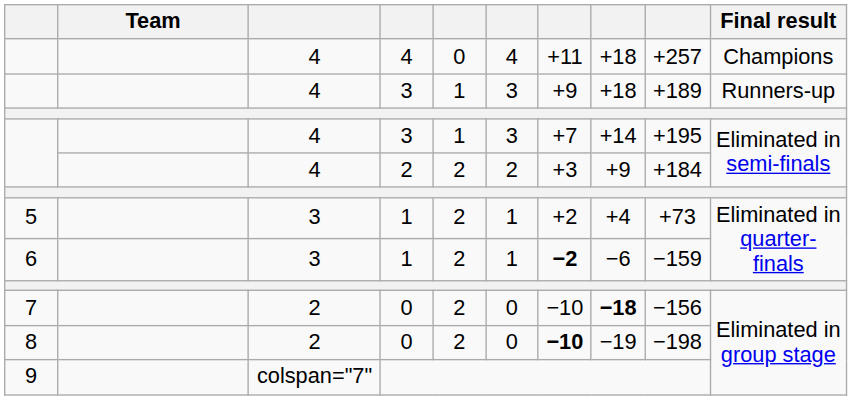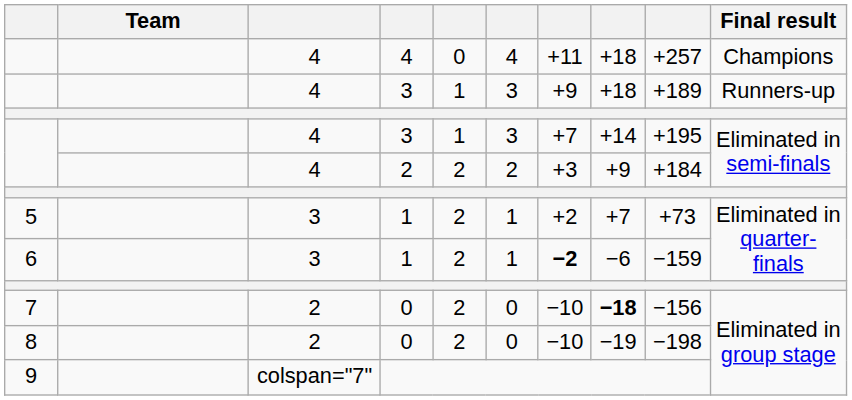 <table class=wikitable style="text-align:center;" width=620>
 <tr Indonesia>
 <th width=5.5%></th>
 <th width=20%>Team</th>
 <th width=5.5%></th>
 <th width=5.5%></th>
 <th width=5.5%></th>
 <th width=5.5%></th>
 <th width=5.5%></th>
 <th width=5.5%></th>
 <th width=5.5%></th>
 <th width=14%>Final result</th>
 </tr>
 <tr>
 <td></td>
 <td align="left"></td>
 <td>4</td>
 <td>4</td>
 <td>0</td>
 <td>4</td>
 <td>+11</td>
 <td>+18</td>
 <td>+257</td>
 <td>Champions</td>
 </tr>
 <tr>
 <td></td>
 <td align="left"></td>
 <td>4</td>
 <td>3</td>
 <td>1</td>
 <td>3</td>
 <td>+9</td>
 <td>+18</td>
 <td>+189</td>
 <td>Runners-up</td>
 </tr>
 <tr>
 <th colspan="10"></th>
 </tr>
 <tr>
 <td rowspan="2"></td>
 <td align="left"></td>
 <td>4</td>
 <td>3</td>
 <td>1</td>
 <td>3</td>
 <td>+7</td>
 <td>+14</td>
 <td>+195</td>
 <td rowspan="2">Eliminated in <a href='#'>semi-finals</a></td>
 </tr>
 <tr>
 <td align="left"></td>
 <td>4</td>
 <td>2</td>
 <td>2</td>
 <td>2</td>
 <td>+3</td>
 <td>+9</td>
 <td>+184</td>
 </tr>
 <tr>
 <th colspan="10"></th>
 </tr>
 <tr>
 <td>5</td>
 <td align="left"></td>
 <td>3</td>
 <td>1</td>
 <td>2</td>
 <td>1</td>
 <td>+2</td>
-<td>+4</td>
+<td>+7</td>
 <td>+73</td>
 <td rowspan="2">Eliminated in <a href='#'>quarter-finals</a></td>
 </tr>
 <tr>
 <td>6</td>
 <td align="left"></td>
 <td>3</td>
 <td>1</td>
 <td>2</td>
 <td>1</td>
 <td><strong>−2</strong></td>
 <td>−6</td>
 <td>−159</td>
 </tr>
 <tr>
 <th colspan="10"></th>
 </tr>
 <tr>
 <td>7</td>
 <td align="left"></td>
 <td>2</td>
 <td>0</td>
 <td>2</td>
 <td>0</td>
 <td>−10</td>
 <td><strong>−18</strong></td>
 <td>−156</td>
 <td rowspan="3">Eliminated in <a href='#'>group stage</a></td>
 </tr>
 <tr>
 <td>8</td>
 <td align="left"></td>
 <td>2</td>
 <td>0</td>
 <td>2</td>
 <td>0</td>
-<td><strong>−10</strong></td>
+<td>−10</td>
 <td>−19</td>
 <td>−198</td>
 </tr>
 <tr>
 <td>9</td>
 <td align="left"></td>
 <td>colspan="7" </td>
 </tr>
 </table>
